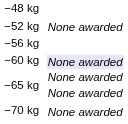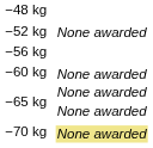 <table>
 <tr>
 <td rowspan=2>−48 kg</td>
 <td rowspan=2></td>
 <td rowspan=2></td>
 <td></td>
 </tr>
 <tr>
 <td></td>
 </tr>
 <tr>
 <td rowspan=2>−52 kg</td>
 <td rowspan=2></td>
 <td rowspan=2></td>
 <td></td>
 </tr>
 <tr>
 <td><em>None awarded</em></td>
 </tr>
 <tr>
 <td rowspan=2>−56 kg</td>
 <td rowspan=2></td>
 <td rowspan=2></td>
 <td></td>
 </tr>
 <tr>
 <td></td>
 </tr>
 <tr>
 <td rowspan=2>−60 kg</td>
 <td rowspan=2></td>
 <td rowspan=2></td>
 <td></td>
 </tr>
 <tr>
-<td style="background: lavender;"><em>None awarded</em></td>
+<td><em>None awarded</em></td>
 </tr>
 <tr>
 <td rowspan=2>−65 kg</td>
 <td rowspan=2></td>
 <td rowspan=2></td>
 <td><em>None awarded</em></td>
 </tr>
 <tr>
 <td><em>None awarded</em></td>
 </tr>
 <tr>
 <td rowspan=2>−70 kg</td>
 <td rowspan=2></td>
 <td rowspan=2></td>
 <td></td>
 </tr>
 <tr>
-<td><em>None awarded</em></td>
+<td style="background: khaki;"><em>None awarded</em></td>
 </tr>
 </table>
